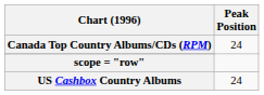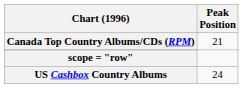 <table class="wikitable sortable plainrowheaders" style="text-align:center">
 <tr>
 <th>Chart (1996)</th>
 <th>Peak<br>Position</th>
 </tr>
 <tr>
 <th scope = "row">Canada Top Country Albums/CDs (<em><a href='#'>RPM</a></em>)</th>
-<td>24</td>
+<td>21</td>
 </tr>
 <tr>
 </tr>
 <tr>
 </tr>
 <tr>
 <th>scope = "row" </th>
 </tr>
 <tr>
 <th scope = "row">US <em><a href='#'>Cashbox</a></em> Country Albums</th>
 <td align="center">24</td>
 </tr>
 </table>
